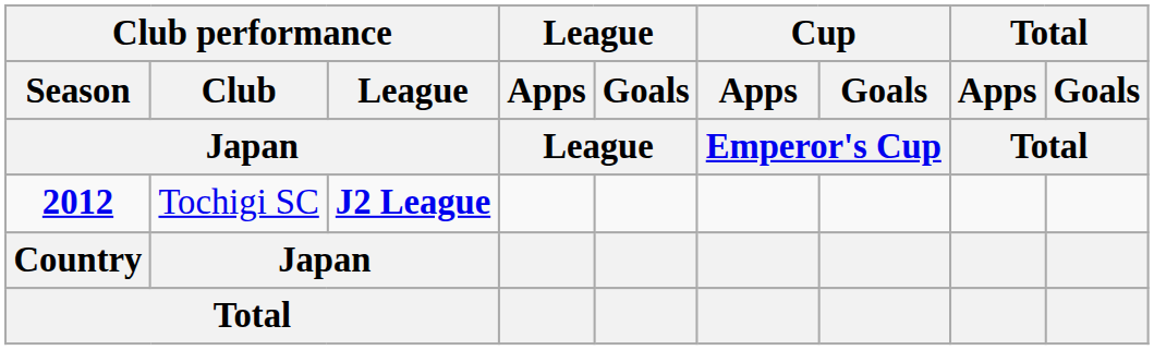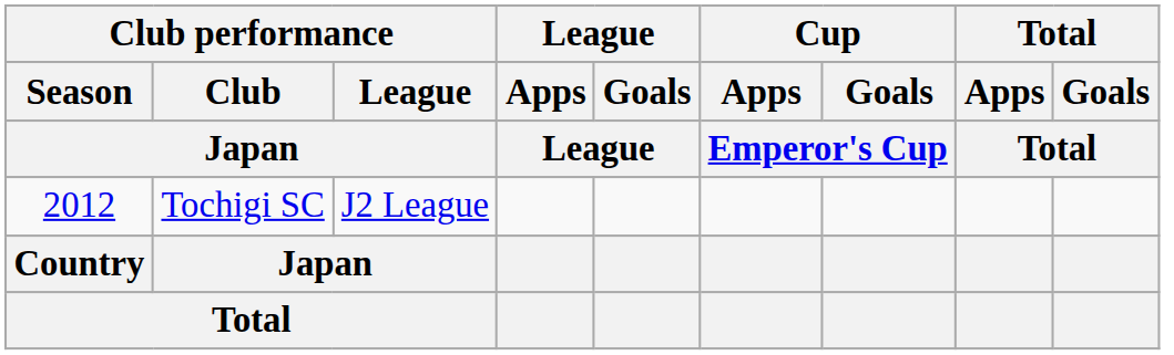 <table class="wikitable" style="text-align:center;">
 <tr>
 <th colspan=3>Club performance</th>
 <th colspan=2>League</th>
 <th colspan=2>Cup</th>
 <th colspan=2>Total</th>
 </tr>
 <tr>
 <th>Season</th>
 <th>Club</th>
 <th>League</th>
 <th>Apps</th>
 <th>Goals</th>
 <th>Apps</th>
 <th>Goals</th>
 <th>Apps</th>
 <th>Goals</th>
 </tr>
 <tr>
 <th colspan=3>Japan</th>
 <th colspan=2>League</th>
 <th colspan=2><a href='#'>Emperor's Cup</a></th>
 <th colspan=2>Total</th>
 </tr>
 <tr>
-<td><strong><a href='#'>2012</a></strong></td>
+<td><a href='#'>2012</a></td>
 <td><a href='#'>Tochigi SC</a></td>
-<td><strong><a href='#'>J2 League</a></strong></td>
+<td><a href='#'>J2 League</a></td>
 <td></td>
 <td></td>
 <td></td>
 <td></td>
 <td></td>
 <td></td>
 </tr>
 <tr>
 <th rowspan=1>Country</th>
 <th colspan=2>Japan</th>
 <th></th>
 <th></th>
 <th></th>
 <th></th>
 <th></th>
 <th></th>
 </tr>
 <tr>
 <th colspan=3>Total</th>
 <th></th>
 <th></th>
 <th></th>
 <th></th>
 <th></th>
 <th></th>
 </tr>
 </table>
